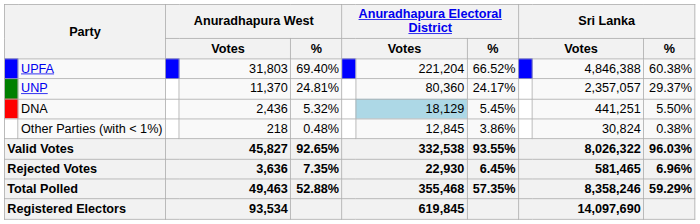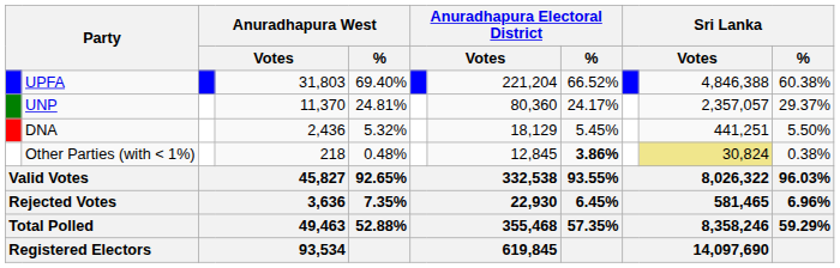 <table class="wikitable">
 <tr>
 <th colspan="2" width="144px"rowspan="2">Party</th>
 <th colspan="3" width="216px">Anuradhapura West</th>
 <th colspan="3" width="216px"><a href='#'>Anuradhapura Electoral District</a></th>
 <th colspan="3" width="216px">Sri Lanka</th>
 </tr>
 <tr>
 <th colspan="2" width="144px">Votes</th>
 <th>%</th>
 <th colspan="2" width="144px">Votes</th>
 <th>%</th>
 <th colspan="2" width="144px">Votes</th>
 <th>%</th>
 </tr>
 <tr>
 <td style="background-color:blue;" width="10px"></td>
 <td style="text-align:left;"><a href='#'>UPFA</a></td>
 <td style="background-color:blue;" width="10px"></td>
 <td style="text-align:right;">31,803</td>
 <td style="text-align:right;">69.40%</td>
 <td style="background-color:blue;" width="10px"></td>
 <td style="text-align:right;">221,204</td>
 <td style="text-align:right;">66.52%</td>
 <td style="background-color:blue;" width="10px"></td>
 <td style="text-align:right;">4,846,388</td>
 <td style="text-align:right;">60.38%</td>
 </tr>
 <tr>
 <td style="background-color:green;" width="10px"></td>
 <td style="text-align:left;"><a href='#'>UNP</a></td>
 <td style="background-color:white;" width="10px"></td>
 <td style="text-align:right;">11,370</td>
 <td style="text-align:right;">24.81%</td>
 <td style="background-color:white;" width="10px"></td>
 <td style="text-align:right;">80,360</td>
 <td style="text-align:right;">24.17%</td>
 <td style="background-color:white;" width="10px"></td>
 <td style="text-align:right;">2,357,057</td>
 <td style="text-align:right;">29.37%</td>
 </tr>
 <tr>
 <td style="background-color:red;" width="10px"></td>
 <td style="text-align:left;">DNA</td>
 <td style="background-color:white;" width="10px"></td>
 <td style="text-align:right;">2,436</td>
 <td style="text-align:right;">5.32%</td>
 <td style="background-color:white;" width="10px"></td>
-<td style="background: lightblue; text-align:right;">18,129</td>
+<td style="text-align:right;">18,129</td>
 <td style="text-align:right;">5.45%</td>
 <td style="background-color:white;" width="10px"></td>
 <td style="text-align:right;">441,251</td>
 <td style="text-align:right;">5.50%</td>
 </tr>
 <tr>
 <td style="background-color:white;" width="10px"></td>
 <td style="text-align:left;">Other Parties (with < 1%)</td>
 <td style="background-color:white;" width="10px"></td>
 <td style="text-align:right;">218</td>
 <td style="text-align:right;">0.48%</td>
 <td style="background-color:white;" width="10px"></td>
 <td style="text-align:right;">12,845</td>
-<td style="text-align:right;">3.86%</td>
+<td style="text-align:right;"><strong>3.86%</strong></td>
 <td style="background-color:white;" width="10px"></td>
-<td style="text-align:right;">30,824</td>
+<td style="background: khaki; text-align:right;">30,824</td>
 <td style="text-align:right;">0.38%</td>
 </tr>
 <tr>
 <th colspan="2" width="144px"style="text-align:left;">Valid Votes</th>
 <th style="text-align:right;"colspan="2" width="144px">45,827</th>
 <th style="text-align:right;">92.65%</th>
 <th style="text-align:right;"colspan="2" width="144px">332,538</th>
 <th style="text-align:right;">93.55%</th>
 <th style="text-align:right;"colspan="2" width="144px">8,026,322</th>
 <th style="text-align:right;">96.03%</th>
 </tr>
 <tr>
 <th colspan="2" width="144px"style="text-align:left;">Rejected Votes</th>
 <th style="text-align:right;"colspan="2" width="144px">3,636</th>
 <th style="text-align:right;">7.35%</th>
 <th style="text-align:right;"colspan="2" width="144px">22,930</th>
 <th style="text-align:right;">6.45%</th>
 <th style="text-align:right;"colspan="2" width="144px">581,465</th>
 <th style="text-align:right;">6.96%</th>
 </tr>
 <tr>
 <th colspan="2" width="144px"style="text-align:left;">Total Polled</th>
 <th style="text-align:right;"colspan="2" width="144px">49,463</th>
 <th style="text-align:right;">52.88%</th>
 <th style="text-align:right;"colspan="2" width="144px">355,468</th>
 <th style="text-align:right;">57.35%</th>
 <th style="text-align:right;"colspan="2" width="144px">8,358,246</th>
 <th style="text-align:right;">59.29%</th>
 </tr>
 <tr>
 <th colspan="2" width="144px"style="text-align:left;">Registered Electors</th>
 <th style="text-align:right;"colspan="2" width="144px">93,534</th>
 <th></th>
 <th style="text-align:right;"colspan="2" width="144px">619,845</th>
 <th></th>
 <th style="text-align:right;"colspan="2" width="144px">14,097,690</th>
 <th></th>
 </tr>
 </table>
